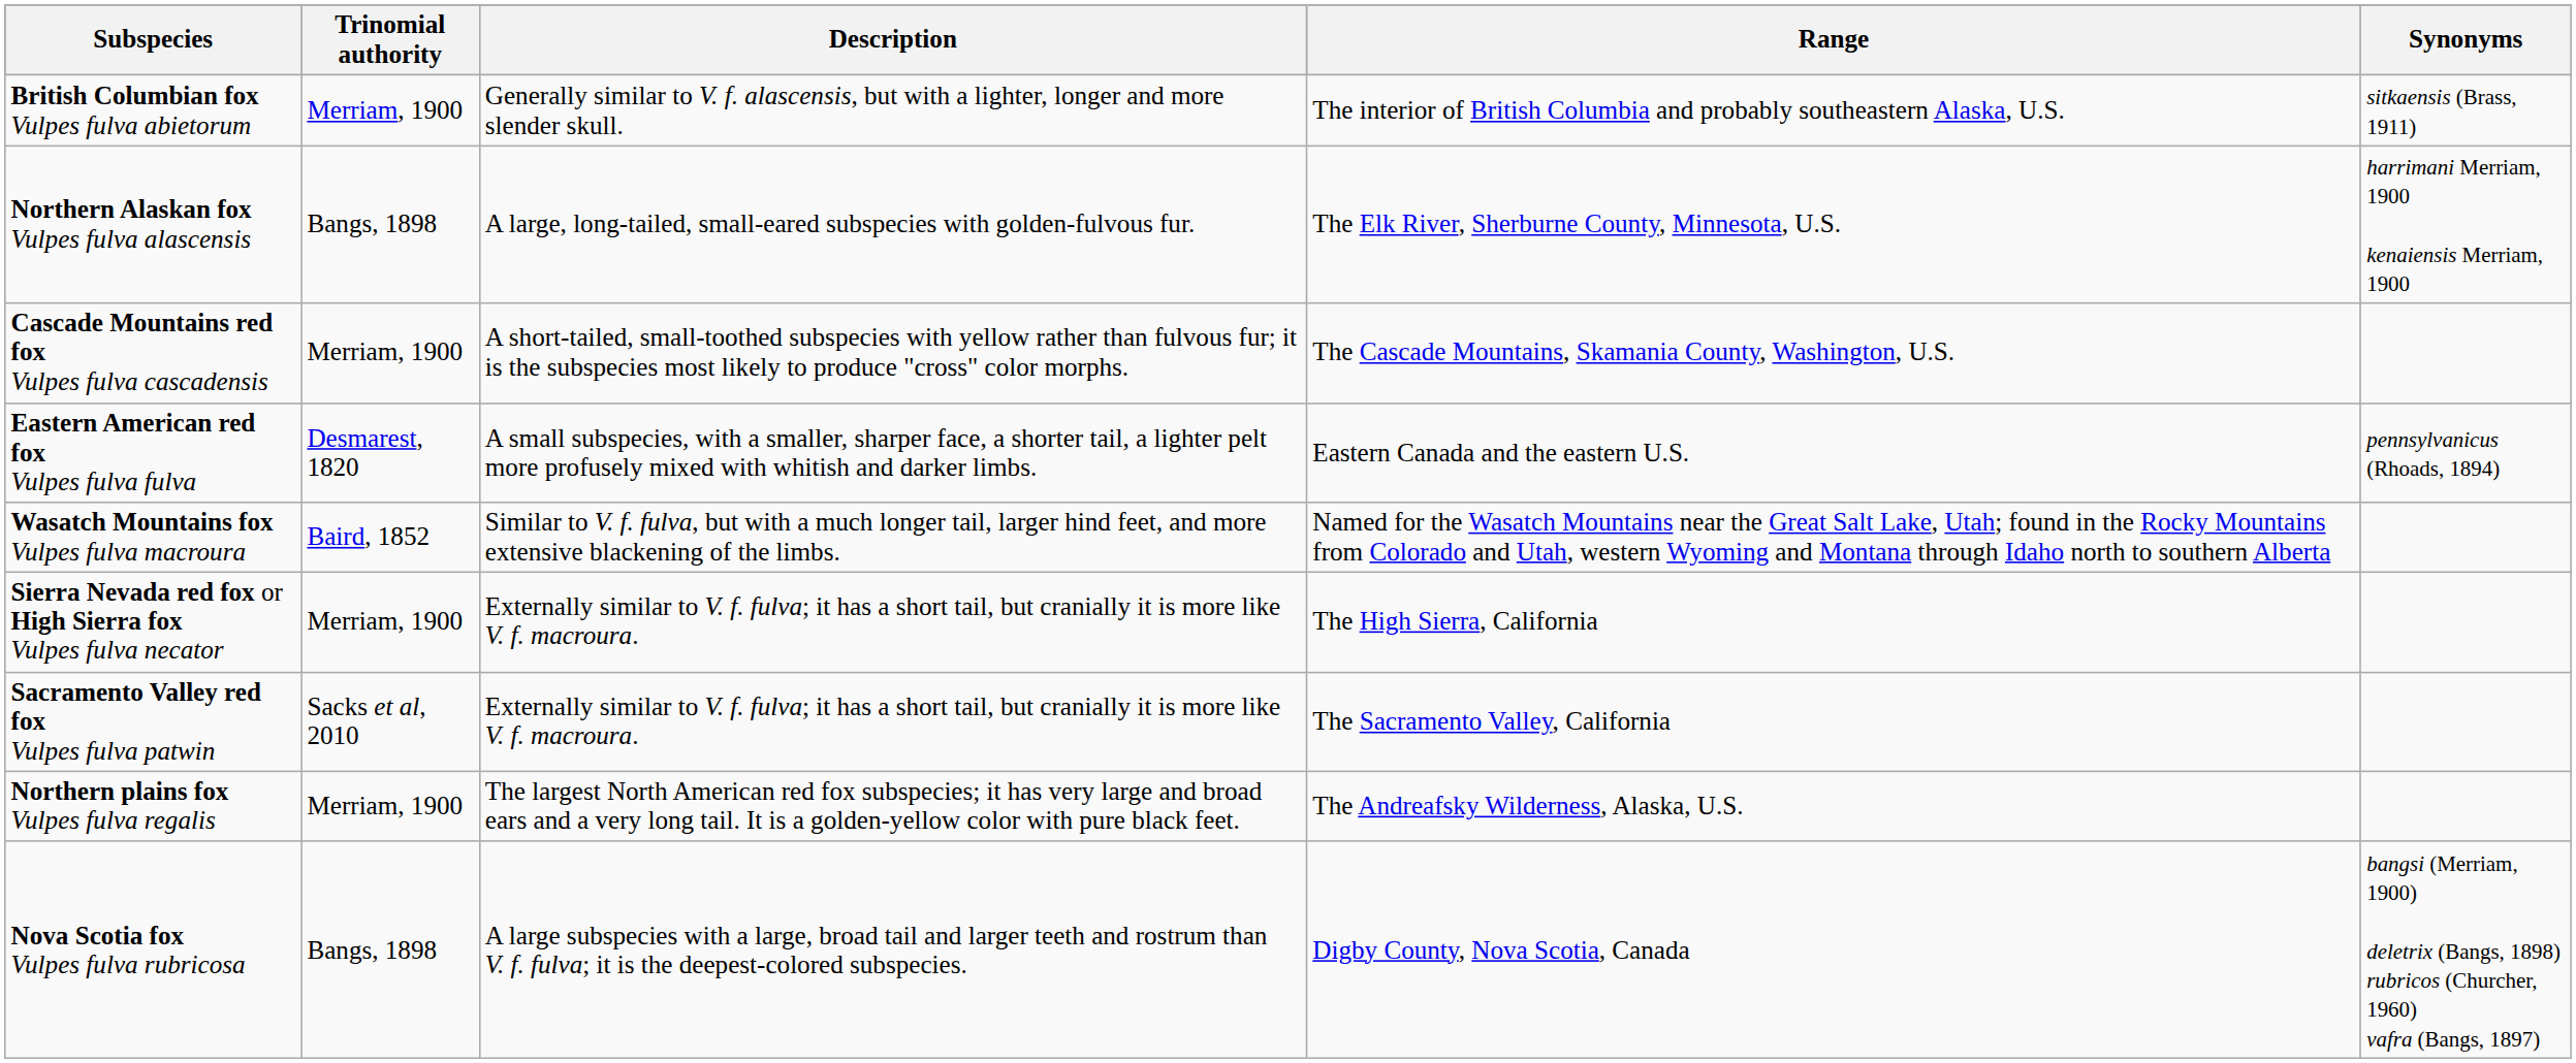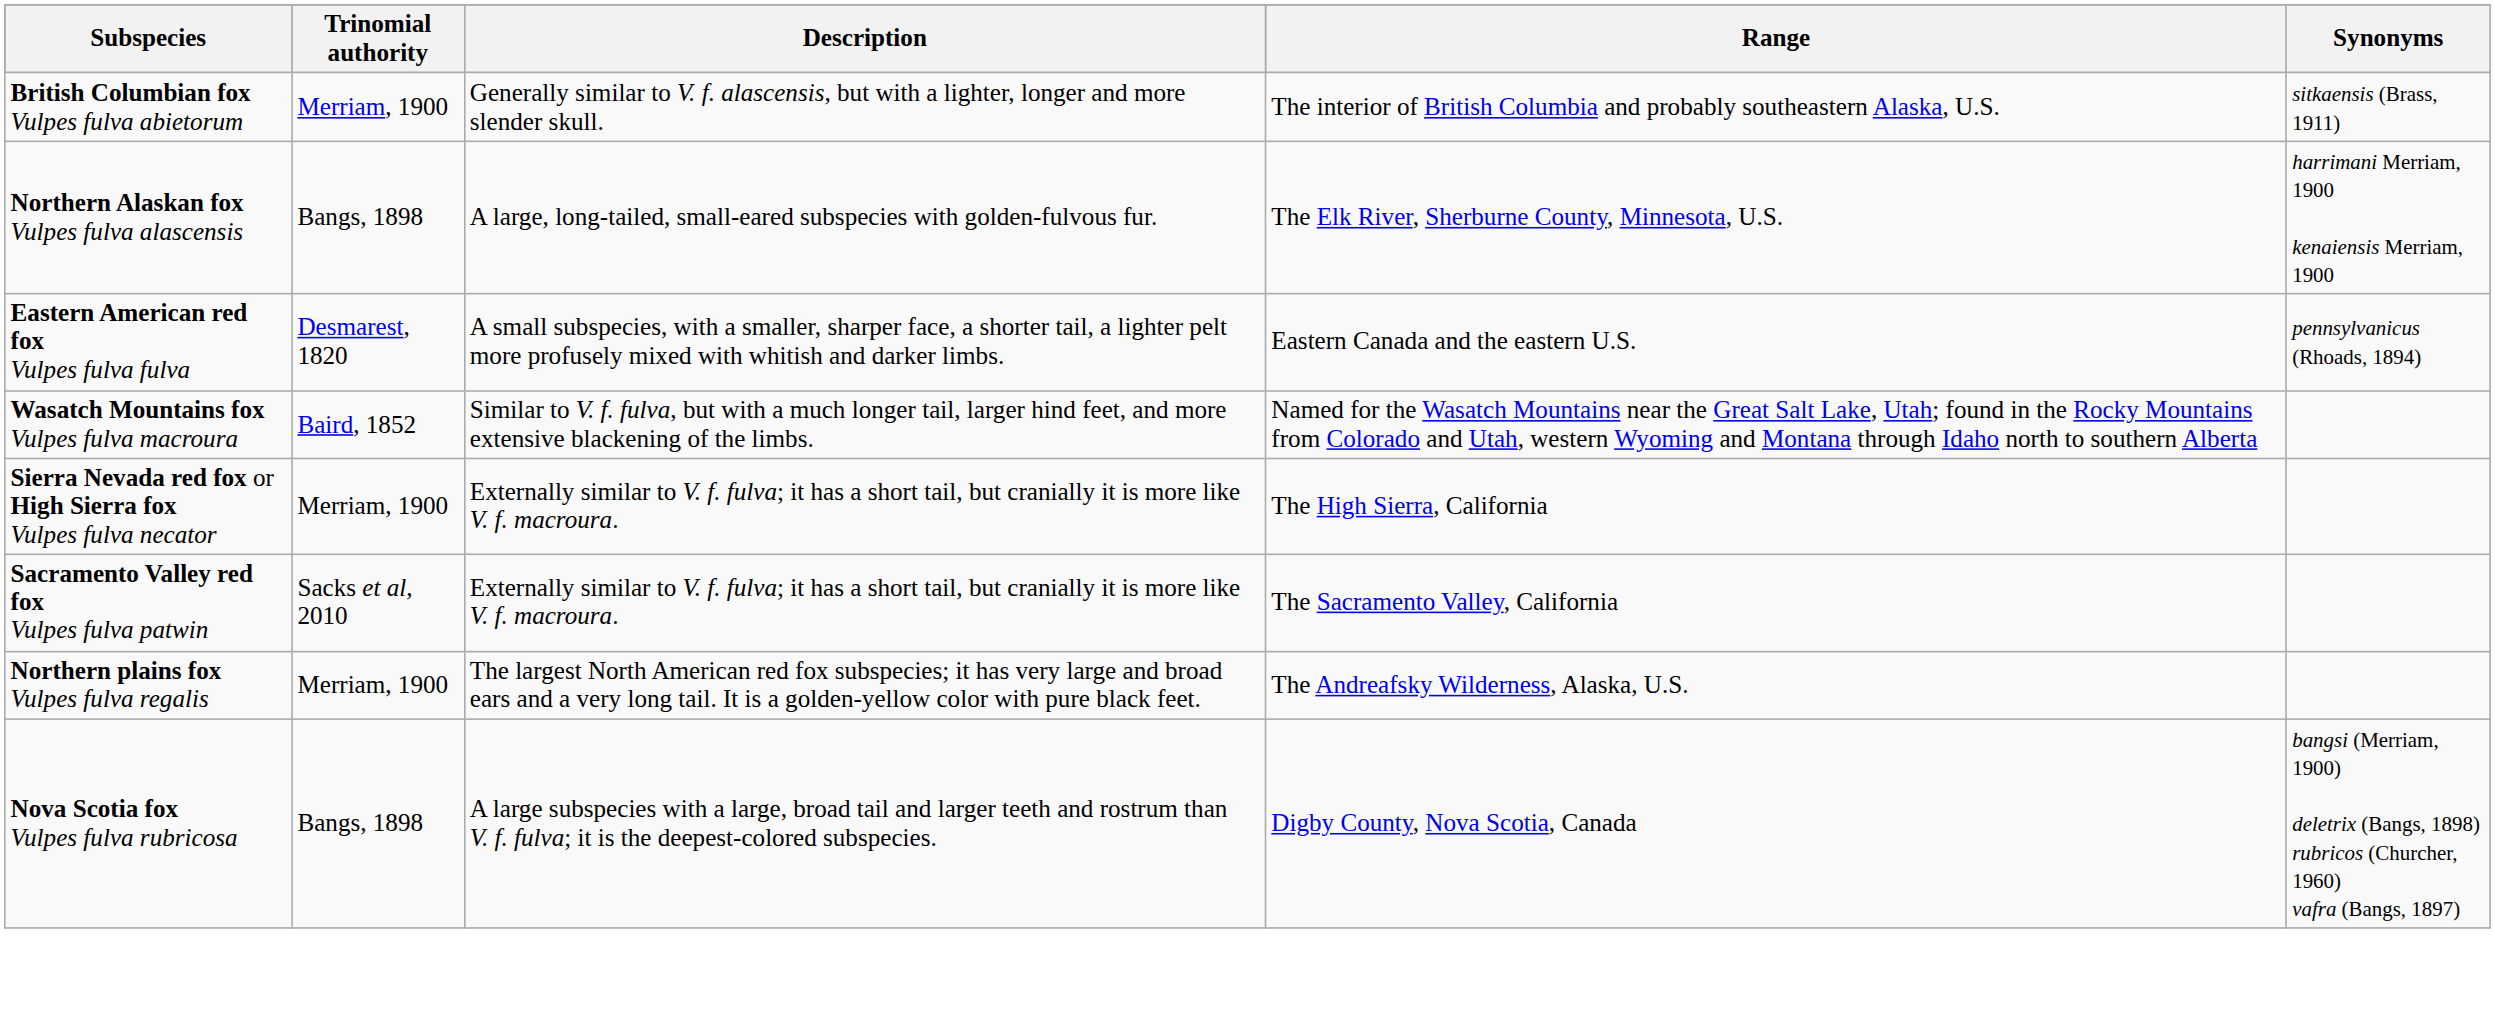 <table class="wikitable collapsible collapsed" style="width:100%;">
 <tr style="background:#115a6c;">
 <th>Subspecies</th>
 <th>Trinomial authority</th>
 <th>Description</th>
 <th>Range</th>
 <th>Synonyms</th>
 </tr>
 <tr>
 <td><strong>British Columbian fox</strong><br><em>Vulpes fulva abietorum</em><br></td>
 <td><a href='#'>Merriam</a>, 1900</td>
 <td>Generally similar to <em>V. f. alascensis</em>, but with a lighter, longer and more slender skull.</td>
 <td>The interior of <a href='#'>British Columbia</a> and probably southeastern <a href='#'>Alaska</a>, U.S.</td>
 <td><small><em>sitkaensis</em> (Brass, 1911)</small></td>
 </tr>
 <tr>
 <td><strong>Northern Alaskan fox</strong><br><em>Vulpes fulva alascensis</em><br></td>
 <td>Bangs, 1898</td>
 <td>A large, long-tailed, small-eared subspecies with golden-fulvous fur.</td>
 <td>The <a href='#'>Elk River</a>, <a href='#'>Sherburne County</a>, <a href='#'>Minnesota</a>, U.S.</td>
 <td><small><em>harrimani</em> Merriam, 1900</small><br><br><small><em>kenaiensis</em> Merriam, 1900</small></td>
-</tr>
-<tr>
-<td><strong>Cascade Mountains red fox</strong><br><em>Vulpes fulva cascadensis</em><br></td>
-<td>Merriam, 1900</td>
-<td>A short-tailed, small-toothed subspecies with yellow rather than fulvous fur; it is the subspecies most likely to produce "cross" color morphs.</td>
-<td>The <a href='#'>Cascade Mountains</a>, <a href='#'>Skamania County</a>, <a href='#'>Washington</a>, U.S.</td>
-<td></td>
 </tr>
 <tr>
 <td><strong>Eastern American red fox</strong><br><em>Vulpes fulva fulva</em><br></td>
 <td><a href='#'>Desmarest</a>, 1820</td>
 <td>A small subspecies, with a smaller, sharper face, a shorter tail, a lighter pelt more profusely mixed with whitish and darker limbs.</td>
 <td>Eastern Canada and the eastern U.S.</td>
 <td><small><em>pennsylvanicus</em> (Rhoads, 1894)</small></td>
 </tr>
 <tr>
 <td><strong>Wasatch Mountains fox</strong><br><em>Vulpes fulva macroura</em><br></td>
 <td><a href='#'>Baird</a>, 1852</td>
 <td>Similar to <em>V. f. fulva</em>, but with a much longer tail, larger hind feet, and more extensive blackening of the limbs.</td>
 <td>Named for the <a href='#'>Wasatch Mountains</a> near the <a href='#'>Great Salt Lake</a>, <a href='#'>Utah</a>; found in the <a href='#'>Rocky Mountains</a> from <a href='#'>Colorado</a> and <a href='#'>Utah</a>, western <a href='#'>Wyoming</a> and <a href='#'>Montana</a> through <a href='#'>Idaho</a> north to southern <a href='#'>Alberta</a></td>
 <td></td>
 </tr>
 <tr>
 <td><strong>Sierra Nevada red fox</strong> or <strong>High Sierra fox</strong><br><em>Vulpes fulva necator</em><br></td>
 <td>Merriam, 1900</td>
 <td>Externally similar to <em>V. f. fulva</em>; it has a short tail, but cranially it is more like <em>V. f. macroura</em>.</td>
 <td>The <a href='#'>High Sierra</a>, California</td>
 <td></td>
 </tr>
 <tr>
 <td><strong>Sacramento Valley red fox</strong><br><em>Vulpes fulva patwin</em></td>
 <td>Sacks <em>et al</em>, 2010</td>
 <td>Externally similar to <em>V. f. fulva</em>; it has a short tail, but cranially it is more like <em>V. f. macroura</em>.</td>
 <td>The <a href='#'>Sacramento Valley</a>, California</td>
 <td></td>
 </tr>
 <tr>
 <td><strong>Northern plains fox</strong><br><em>Vulpes fulva regalis</em><br></td>
 <td>Merriam, 1900</td>
 <td>The largest North American red fox subspecies; it has very large and broad ears and a very long tail. It is a golden-yellow color with pure black feet.</td>
 <td>The <a href='#'>Andreafsky Wilderness</a>, Alaska, U.S.</td>
 <td></td>
 </tr>
 <tr>
 <td><strong>Nova Scotia fox</strong><br><em>Vulpes fulva rubricosa</em></td>
 <td>Bangs, 1898</td>
 <td>A large subspecies with a large, broad tail and larger teeth and rostrum than <em>V. f. fulva</em>; it is the deepest-colored subspecies.</td>
 <td><a href='#'>Digby County</a>, <a href='#'>Nova Scotia</a>, Canada</td>
 <td><small><em>bangsi</em> (Merriam, 1900)</small><br><br><small><em>deletrix</em> (Bangs, 1898)</small><br> <small><em>rubricos</em> (Churcher, 1960)</small><br> <small><em>vafra</em> (Bangs, 1897)</small></td>
 </tr>
 </table>
